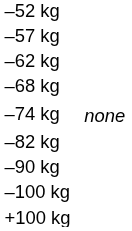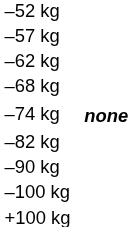 <table>
 <tr>
 <td rowspan=2>–52 kg<br></td>
 <td rowspan=2></td>
 <td rowspan=2></td>
 <td></td>
 </tr>
 <tr>
 <td></td>
 </tr>
 <tr>
 <td rowspan=2>–57 kg<br></td>
 <td rowspan=2></td>
 <td rowspan=2></td>
 <td></td>
 </tr>
 <tr>
 <td></td>
 </tr>
 <tr>
 <td rowspan=2>–62 kg<br></td>
 <td rowspan=2></td>
 <td rowspan=2></td>
 <td></td>
 </tr>
 <tr>
 <td></td>
 </tr>
 <tr>
 <td rowspan=2>–68 kg<br></td>
 <td rowspan=2></td>
 <td rowspan=2></td>
 <td></td>
 </tr>
 <tr>
 <td></td>
 </tr>
 <tr>
 <td rowspan=2>–74 kg<br></td>
 <td rowspan=2></td>
 <td rowspan=2></td>
 <td></td>
 </tr>
 <tr>
-<td><em>none</em></td>
+<td><strong><em>none</em></strong></td>
 </tr>
 <tr>
 <td rowspan=2>–82 kg<br></td>
 <td rowspan=2></td>
 <td rowspan=2></td>
 <td></td>
 </tr>
 <tr>
 <td></td>
 </tr>
 <tr>
 <td rowspan=2>–90 kg<br></td>
 <td rowspan=2></td>
 <td rowspan=2></td>
 <td></td>
 </tr>
 <tr>
 <td></td>
 </tr>
 <tr>
 <td rowspan=2>–100 kg<br></td>
 <td rowspan=2></td>
 <td rowspan=2></td>
 <td></td>
 </tr>
 <tr>
 <td></td>
 </tr>
 <tr>
 <td rowspan=2>+100 kg<br></td>
 <td rowspan=2></td>
 <td rowspan=2></td>
 <td></td>
 </tr>
 <tr>
 <td></td>
 </tr>
 <tr>
 </tr>
 </table>
